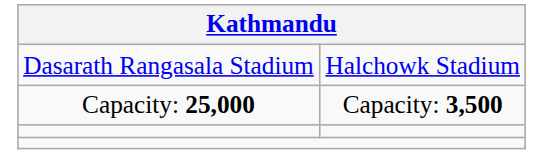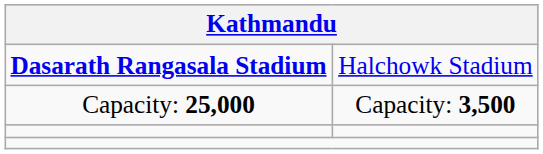 <table class="wikitable" style="text-align:center;margin:1em auto;">
 <tr>
 <th colspan=2><a href='#'>Kathmandu</a></th>
 </tr>
 <tr>
-<td><a href='#'>Dasarath Rangasala Stadium</a></td>
+<td><strong><a href='#'>Dasarath Rangasala Stadium</a></strong></td>
 <td><a href='#'>Halchowk Stadium</a></td>
 </tr>
 <tr>
 <td>Capacity: <strong>25,000</strong></td>
 <td>Capacity: <strong>3,500</strong></td>
 </tr>
 <tr>
 <td></td>
 <td></td>
 </tr>
 <tr>
 <td rowspan="4" colspan="2"></td>
 </tr>
 </table>
